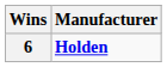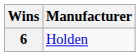 <table class="wikitable" style="font-size: 95%;">
 <tr>
 <th>Wins</th>
 <th>Manufacturer</th>
 </tr>
 <tr>
 <th>6</th>
-<td><strong><a href='#'>Holden</a></strong></td>
+<td><a href='#'>Holden</a></td>
 </tr>
 </table>
